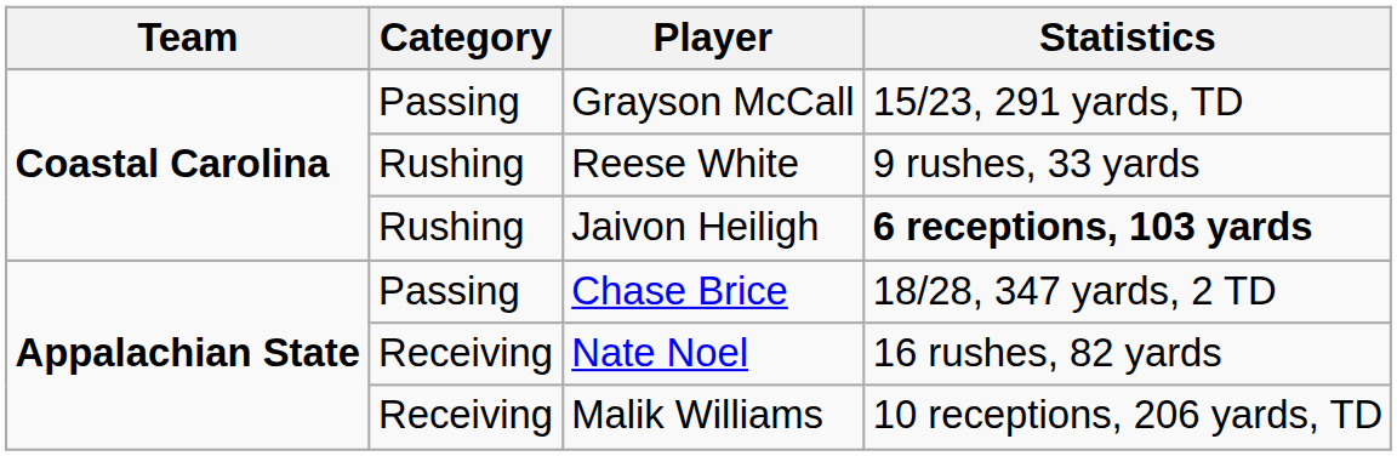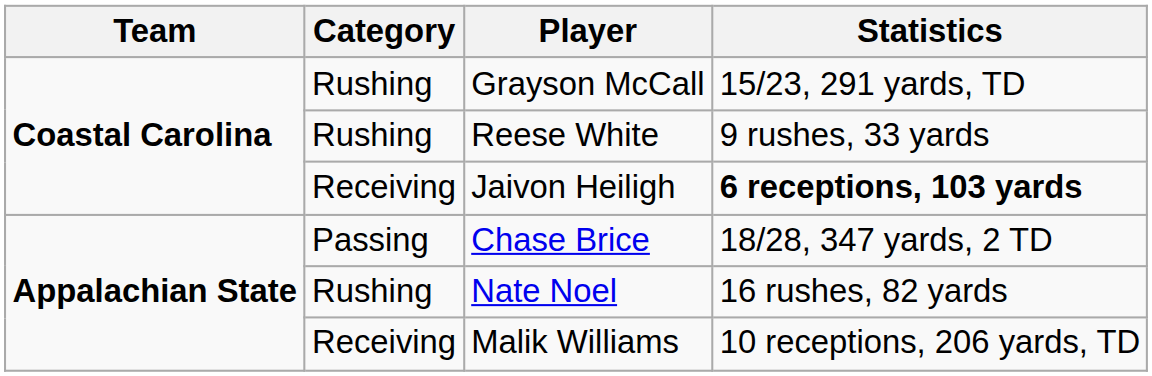 <table class="wikitable" style="float: left;">
 <tr>
 <th>Team</th>
 <th>Category</th>
 <th>Player</th>
 <th>Statistics</th>
 </tr>
 <tr>
 <td rowspan=3><strong>Coastal Carolina</strong></td>
-<td>Passing</td>
+<td>Rushing</td>
 <td>Grayson McCall</td>
 <td>15/23, 291 yards, TD</td>
 </tr>
 <tr>
 <td>Rushing</td>
 <td>Reese White</td>
 <td>9 rushes, 33 yards</td>
 </tr>
 <tr>
-<td>Rushing</td>
+<td>Receiving</td>
 <td>Jaivon Heiligh</td>
 <td><strong>6 receptions, 103 yards</strong></td>
 </tr>
 <tr>
 <td rowspan=3><strong>Appalachian State</strong></td>
 <td>Passing</td>
 <td><a href='#'>Chase Brice</a></td>
 <td>18/28, 347 yards, 2 TD</td>
 </tr>
 <tr>
-<td>Receiving</td>
+<td>Rushing</td>
 <td><a href='#'>Nate Noel</a></td>
 <td>16 rushes, 82 yards</td>
 </tr>
 <tr>
 <td>Receiving</td>
 <td>Malik Williams</td>
 <td>10 receptions, 206 yards, TD</td>
 </tr>
 </table>
